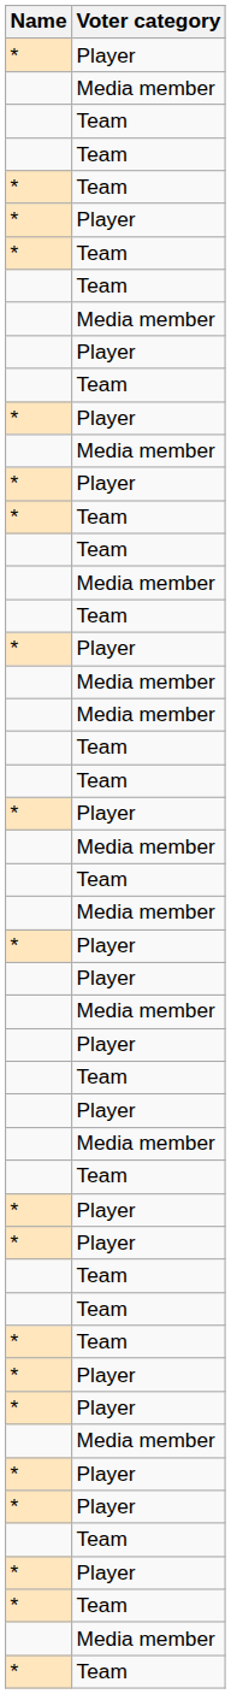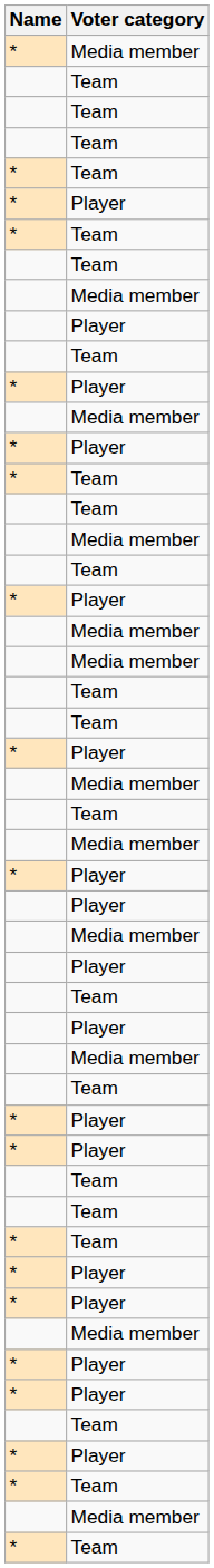 <table class="wikitable sortable">
 <tr>
 <th>Name</th>
 <th>Voter category</th>
 </tr>
 <tr>
 <td style="background:#ffe6bd;">*</td>
-<td>Player</td>
+<td>Media member</td>
 </tr>
 <tr>
 <td></td>
-<td>Media member</td>
+<td>Team</td>
 </tr>
 <tr>
 <td></td>
 <td>Team</td>
 </tr>
 <tr>
 <td></td>
 <td>Team</td>
 </tr>
 <tr>
 <td style="background:#ffe6bd;">*</td>
 <td>Team</td>
 </tr>
 <tr>
 <td style="background:#ffe6bd;">*</td>
 <td>Player</td>
 </tr>
 <tr>
 <td style="background:#ffe6bd;">*</td>
 <td>Team</td>
 </tr>
 <tr>
 <td></td>
 <td>Team</td>
 </tr>
 <tr>
 <td></td>
 <td>Media member</td>
 </tr>
 <tr>
 <td></td>
 <td>Player</td>
 </tr>
 <tr>
 <td></td>
 <td>Team</td>
 </tr>
 <tr>
 <td style="background:#ffe6bd;">*</td>
 <td>Player</td>
 </tr>
 <tr>
 <td></td>
 <td>Media member</td>
 </tr>
 <tr>
 <td style="background:#ffe6bd;">*</td>
 <td>Player</td>
 </tr>
 <tr>
 <td style="background:#ffe6bd;">*</td>
 <td>Team</td>
 </tr>
 <tr>
 <td></td>
 <td>Team</td>
 </tr>
 <tr>
 <td></td>
 <td>Media member</td>
 </tr>
 <tr>
 <td></td>
 <td>Team</td>
 </tr>
 <tr>
 <td style="background:#ffe6bd;">*</td>
 <td>Player</td>
 </tr>
 <tr>
 <td></td>
 <td>Media member</td>
 </tr>
 <tr>
 <td></td>
 <td>Media member</td>
 </tr>
 <tr>
 <td></td>
 <td>Team</td>
 </tr>
 <tr>
 <td></td>
 <td>Team</td>
 </tr>
 <tr>
 <td style="background:#ffe6bd;">*</td>
 <td>Player</td>
 </tr>
 <tr>
 <td></td>
 <td>Media member</td>
 </tr>
 <tr>
 <td></td>
 <td>Team</td>
 </tr>
 <tr>
 <td></td>
 <td>Media member</td>
 </tr>
 <tr>
 <td style="background:#ffe6bd;">*</td>
 <td>Player</td>
 </tr>
 <tr>
 <td></td>
 <td>Player</td>
 </tr>
 <tr>
 <td></td>
 <td>Media member</td>
 </tr>
 <tr>
 <td></td>
 <td>Player</td>
 </tr>
 <tr>
 <td></td>
 <td>Team</td>
 </tr>
 <tr>
 <td></td>
 <td>Player</td>
 </tr>
 <tr>
 <td></td>
 <td>Media member</td>
 </tr>
 <tr>
 <td></td>
 <td>Team</td>
 </tr>
 <tr>
 <td style="background:#ffe6bd;">*</td>
 <td>Player</td>
 </tr>
 <tr>
 <td style="background:#ffe6bd;">*</td>
 <td>Player</td>
 </tr>
 <tr>
 <td></td>
 <td>Team</td>
 </tr>
 <tr>
 <td></td>
 <td>Team</td>
 </tr>
 <tr>
 <td style="background:#ffe6bd;">*</td>
 <td>Team</td>
 </tr>
 <tr>
 <td style="background:#ffe6bd;">*</td>
 <td>Player</td>
 </tr>
 <tr>
 <td style="background:#ffe6bd;">*</td>
 <td>Player</td>
 </tr>
 <tr>
 <td></td>
 <td>Media member</td>
 </tr>
 <tr>
 <td style="background:#ffe6bd;">*</td>
 <td>Player</td>
 </tr>
 <tr>
 <td style="background:#ffe6bd;">*</td>
 <td>Player</td>
 </tr>
 <tr>
 <td></td>
 <td>Team</td>
 </tr>
 <tr>
 <td style="background:#ffe6bd;">*</td>
 <td>Player</td>
 </tr>
 <tr>
 <td style="background:#ffe6bd;">*</td>
 <td>Team</td>
 </tr>
 <tr>
 <td></td>
 <td>Media member</td>
 </tr>
 <tr>
 <td style="background:#ffe6bd;">*</td>
 <td>Team</td>
 </tr>
 </table>
